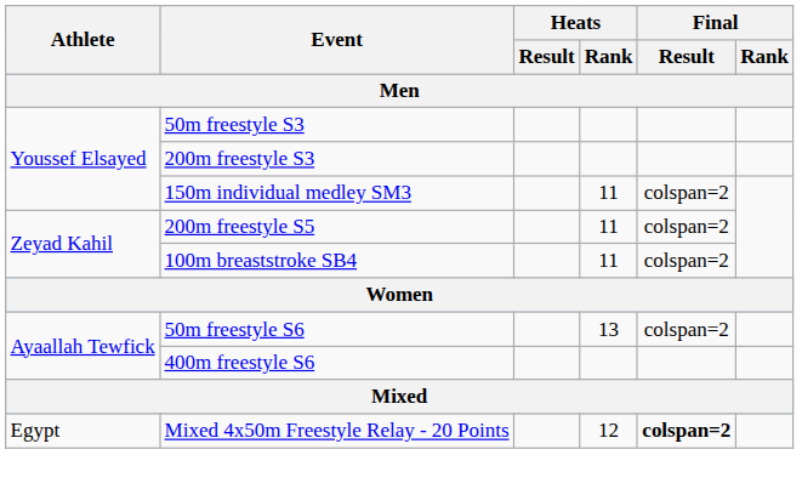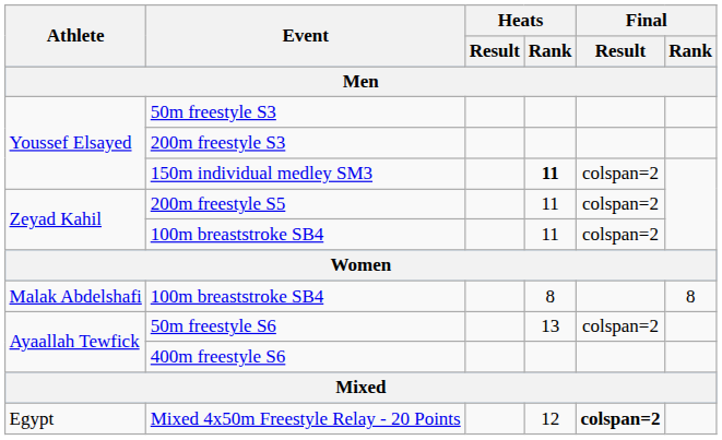 <table class=wikitable style="font-size:90%">
 <tr>
 <th rowspan="2">Athlete</th>
 <th rowspan="2">Event</th>
 <th colspan="2">Heats</th>
 <th colspan="2">Final</th>
 </tr>
 <tr>
 <th>Result</th>
 <th>Rank</th>
 <th>Result</th>
 <th>Rank</th>
 </tr>
 <tr style="background:#9acdff;">
 <th colspan=6>Men</th>
 </tr>
 <tr align=center>
 <td align=left rowspan=3><a href='#'>Youssef Elsayed</a></td>
 <td align=left><a href='#'>50m freestyle S3</a></td>
 <td></td>
 <td></td>
 <td></td>
 <td></td>
 </tr>
 <tr align=center>
 <td align=left><a href='#'>200m freestyle S3</a></td>
 <td></td>
 <td></td>
 <td></td>
 <td></td>
 </tr>
 <tr align=center>
 <td align=left><a href='#'>150m individual medley SM3</a></td>
 <td></td>
-<td>11</td>
+<td><strong>11</strong></td>
 <td>colspan=2 </td>
 </tr>
 <tr align=center>
 <td align=left rowspan=2><a href='#'>Zeyad Kahil</a></td>
 <td align=left><a href='#'>200m freestyle S5</a></td>
 <td></td>
 <td>11</td>
 <td>colspan=2 </td>
 </tr>
 <tr align=center>
 <td align=left><a href='#'>100m breaststroke SB4</a></td>
 <td></td>
 <td>11</td>
 <td>colspan=2 </td>
 </tr>
 <tr style="background:#9acdff;">
 <th colspan=6>Women</th>
+</tr>
+<tr align=center>
+<td align=left><a href='#'>Malak Abdelshafi</a></td>
+<td align=left><a href='#'>100m breaststroke SB4</a></td>
+<td></td>
+<td>8</td>
+<td></td>
+<td>8</td>
 </tr>
 <tr align=center>
 <td align=left rowspan=2><a href='#'>Ayaallah Tewfick</a></td>
 <td align=left><a href='#'>50m freestyle S6</a></td>
 <td></td>
 <td>13</td>
 <td>colspan=2 </td>
 </tr>
 <tr align=center>
 <td align=left><a href='#'>400m freestyle S6</a></td>
 <td></td>
 <td></td>
 <td></td>
 <td></td>
 </tr>
 <tr style="background:#9acdff;">
 <th colspan=6>Mixed</th>
 </tr>
 <tr align=center>
 <td align=left>Egypt</td>
 <td align=left><a href='#'>Mixed 4x50m Freestyle Relay - 20 Points</a></td>
 <td></td>
 <td>12</td>
 <td><strong>colspan=2 </strong></td>
 </tr>
 </table>
